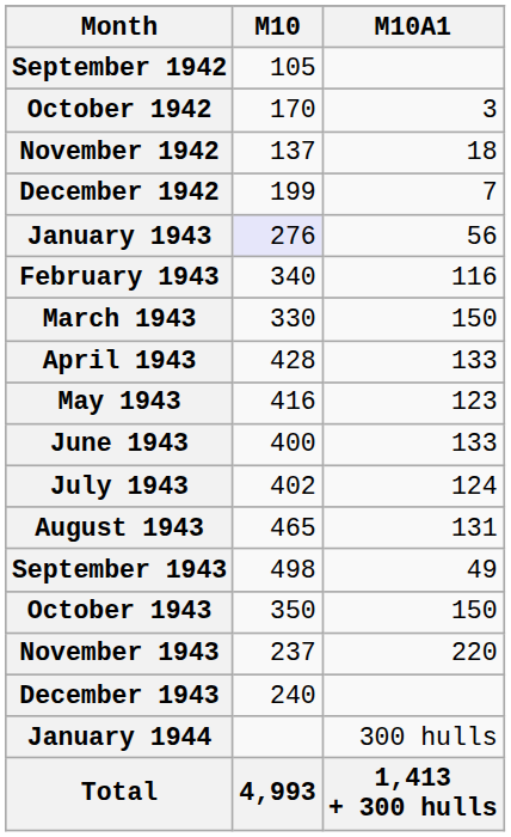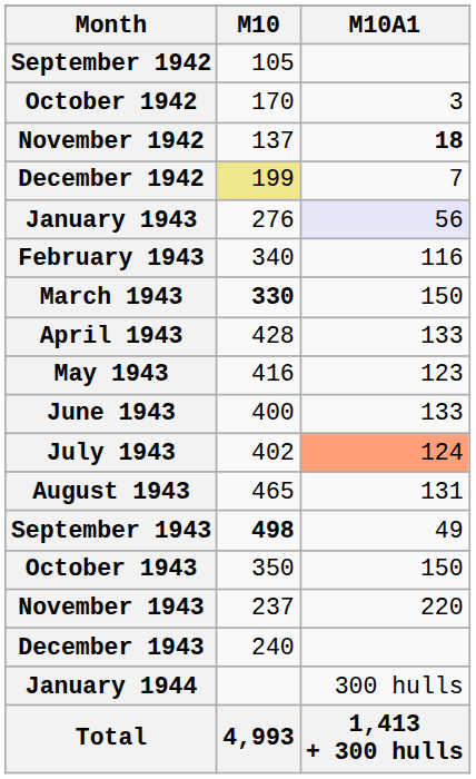 <table class="wikitable floatright" style="text-align:right;">
 <tr>
 </tr>
 <tr>
 <th>Month</th>
 <th>M10</th>
 <th>M10A1</th>
 </tr>
 <tr>
 <th>September 1942</th>
 <td>105</td>
 <td></td>
 </tr>
 <tr>
 <th>October 1942</th>
 <td>170</td>
 <td>3</td>
 </tr>
 <tr>
 <th>November 1942</th>
 <td>137</td>
-<td>18</td>
+<td><strong>18</strong></td>
 </tr>
 <tr>
 <th>December 1942</th>
-<td>199</td>
+<td style="background: khaki;">199</td>
 <td>7</td>
 </tr>
 <tr>
 <th>January 1943</th>
-<td style="background: lavender;">276</td>
-<td>56</td>
+<td>276</td>
+<td style="background: lavender;">56</td>
 </tr>
 <tr>
 <th>February 1943</th>
 <td>340</td>
 <td>116</td>
 </tr>
 <tr>
 <th>March 1943</th>
-<td>330</td>
+<td><strong>330</strong></td>
 <td>150</td>
 </tr>
 <tr>
 <th>April 1943</th>
 <td>428</td>
 <td>133</td>
 </tr>
 <tr>
 <th>May 1943</th>
 <td>416</td>
 <td>123</td>
 </tr>
 <tr>
 <th>June 1943</th>
 <td>400</td>
 <td>133</td>
 </tr>
 <tr>
 <th>July 1943</th>
 <td>402</td>
-<td>124</td>
+<td style="background: lightsalmon;">124</td>
 </tr>
 <tr>
 <th>August 1943</th>
 <td>465</td>
 <td>131</td>
 </tr>
 <tr>
 <th>September 1943</th>
-<td>498</td>
+<td><strong>498</strong></td>
 <td>49</td>
 </tr>
 <tr>
 <th>October 1943</th>
 <td>350</td>
 <td>150</td>
 </tr>
 <tr>
 <th>November 1943</th>
 <td>237</td>
 <td>220</td>
 </tr>
 <tr>
 <th>December 1943</th>
 <td>240</td>
 <td></td>
 </tr>
 <tr>
 <th>January 1944</th>
 <td></td>
 <td>300 hulls</td>
 </tr>
 <tr>
 <th>Total</th>
 <th>4,993</th>
 <th>1,413<br>+ 300 hulls</th>
 </tr>
 </table>
